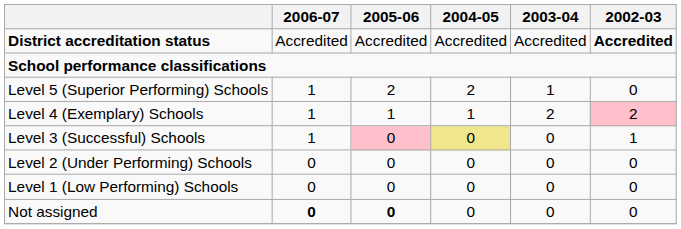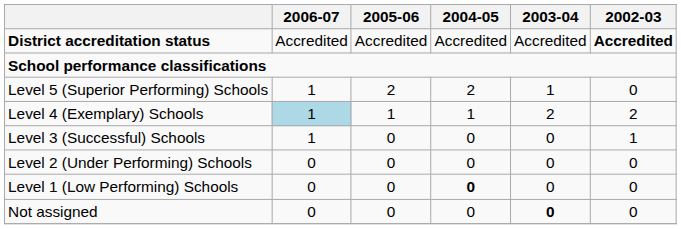 <table class="wikitable" style="font-size: 95%;">
 <tr>
 <th></th>
 <th>2006-07</th>
 <th>2005-06</th>
 <th>2004-05</th>
 <th>2003-04</th>
 <th>2002-03</th>
 </tr>
 <tr>
 <td align="left"><strong>District accreditation status</strong></td>
 <td align="center">Accredited</td>
 <td align="center">Accredited</td>
 <td align="center">Accredited</td>
 <td align="center">Accredited</td>
 <td align="center"><strong>Accredited</strong></td>
 </tr>
 <tr>
 <td align="left" colspan="6"><strong>School performance classifications</strong></td>
 </tr>
 <tr>
 <td align="left">Level 5 (Superior Performing) Schools</td>
 <td align="center">1</td>
 <td align="center">2</td>
 <td align="center">2</td>
 <td align="center">1</td>
 <td align="center">0</td>
 </tr>
 <tr>
 <td align="left">Level 4 (Exemplary) Schools</td>
-<td align="center">1</td>
+<td align="center" style="background: lightblue;">1</td>
 <td align="center">1</td>
 <td align="center">1</td>
 <td align="center">2</td>
-<td align="center" style="background: pink;">2</td>
+<td align="center">2</td>
 </tr>
 <tr>
 <td align="left">Level 3 (Successful) Schools</td>
 <td align="center">1</td>
-<td align="center" style="background: pink;">0</td>
-<td align="center" style="background: khaki;">0</td>
+<td align="center">0</td>
+<td align="center">0</td>
 <td align="center">0</td>
 <td align="center">1</td>
 </tr>
 <tr>
 <td align="left">Level 2 (Under Performing) Schools</td>
 <td align="center">0</td>
 <td align="center">0</td>
 <td align="center">0</td>
 <td align="center">0</td>
 <td align="center">0</td>
 </tr>
 <tr>
 <td align="left">Level 1 (Low Performing) Schools</td>
 <td align="center">0</td>
 <td align="center">0</td>
-<td align="center">0</td>
+<td align="center"><strong>0</strong></td>
 <td align="center">0</td>
 <td align="center">0</td>
 </tr>
 <tr>
 <td align="left">Not assigned</td>
-<td align="center"><strong>0</strong></td>
-<td align="center"><strong>0</strong></td>
 <td align="center">0</td>
 <td align="center">0</td>
+<td align="center">0</td>
+<td align="center"><strong>0</strong></td>
 <td align="center">0</td>
 </tr>
 <tr>
 </tr>
 </table>
